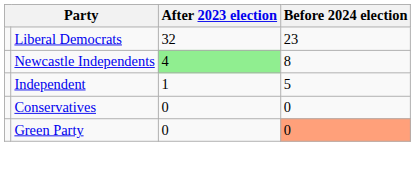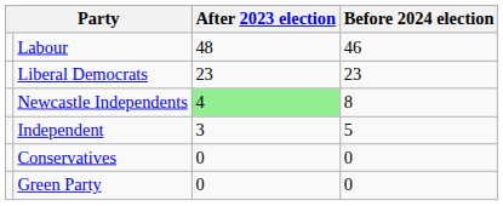 <table class="wikitable">
 <tr>
 <th colspan="2" scope="col">Party</th>
 <th scope="col">After <a href='#'>2023 election</a></th>
 <th>Before 2024 election</th>
 </tr>
 <tr>
 <td style="color:inherit;background-color: "></td>
+<td scope="row"><a href='#'>Labour</a></td>
+<td>48</td>
+<td>46</td>
+</tr>
+<tr>
+<td style="color:inherit;background-color: "></td>
 <td scope="row"><a href='#'>Liberal Democrats</a></td>
-<td>32</td>
+<td>23</td>
 <td>23</td>
 </tr>
 <tr>
 <td style="color:inherit;background-color: "></td>
 <td scope="row"><a href='#'>Newcastle Independents</a></td>
 <td style="background: lightgreen;">4</td>
 <td>8</td>
 </tr>
 <tr>
 <td style="color:inherit;background-color: "></td>
 <td scope="row"><a href='#'>Independent</a></td>
-<td>1</td>
+<td>3</td>
 <td>5</td>
 </tr>
 <tr>
 <td style="color:inherit;background-color: "></td>
 <td scope="row"><a href='#'>Conservatives</a></td>
 <td>0</td>
 <td>0</td>
 </tr>
 <tr>
 <td style="color:inherit;background-color: "></td>
 <td scope="row"><a href='#'>Green Party</a></td>
 <td>0</td>
-<td style="background: lightsalmon;">0</td>
+<td>0</td>
 </tr>
 </table>
